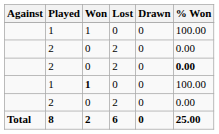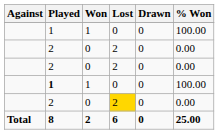 <table class="sortable wikitable" style="font-size: 87%;">
 <tr>
 <th>Against</th>
 <th>Played</th>
 <th>Won</th>
 <th>Lost</th>
 <th>Drawn</th>
 <th>% Won</th>
 </tr>
 <tr bgcolor="#d0ffd0" align="center">
 </tr>
 <tr>
 <td align="left"></td>
 <td>1</td>
 <td>1</td>
 <td>0</td>
 <td>0</td>
 <td>100.00</td>
 </tr>
 <tr>
 <td align="left"></td>
 <td>2</td>
 <td>0</td>
 <td>2</td>
 <td>0</td>
 <td>0.00</td>
 </tr>
 <tr>
 <td align="left"></td>
 <td>2</td>
 <td>0</td>
 <td>2</td>
 <td>0</td>
-<td><strong>0.00</strong></td>
+<td>0.00</td>
 </tr>
 <tr>
 <td align="left"></td>
+<td><strong>1</strong></td>
 <td>1</td>
-<td><strong>1</strong></td>
 <td>0</td>
 <td>0</td>
 <td>100.00</td>
 </tr>
 <tr>
 <td align="left"></td>
 <td>2</td>
 <td>0</td>
-<td>2</td>
+<td style="background: gold;">2</td>
 <td>0</td>
 <td>0.00</td>
 </tr>
 <tr>
 <td align="left"><strong>Total</strong></td>
 <td><strong>8</strong></td>
 <td><strong>2</strong></td>
 <td><strong>6</strong></td>
 <td><strong>0</strong></td>
 <td><strong>25.00</strong></td>
 </tr>
 </table>
